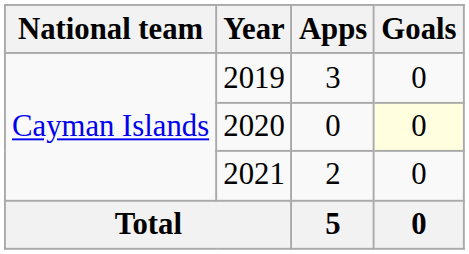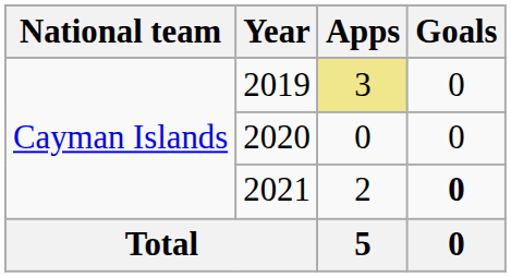 <table class="wikitable" style="text-align:center">
 <tr>
 <th>National team</th>
 <th>Year</th>
 <th>Apps</th>
 <th>Goals</th>
 </tr>
 <tr>
 <td rowspan="3"><a href='#'>Cayman Islands</a></td>
 <td>2019</td>
-<td>3</td>
+<td style="background: khaki;">3</td>
 <td>0</td>
 </tr>
 <tr>
 <td>2020</td>
 <td>0</td>
-<td style="background: lightyellow;">0</td>
+<td>0</td>
 </tr>
 <tr>
 <td>2021</td>
 <td>2</td>
-<td>0</td>
+<td><strong>0</strong></td>
 </tr>
 <tr>
 <th colspan="2">Total</th>
 <th>5</th>
 <th>0</th>
 </tr>
 </table>
